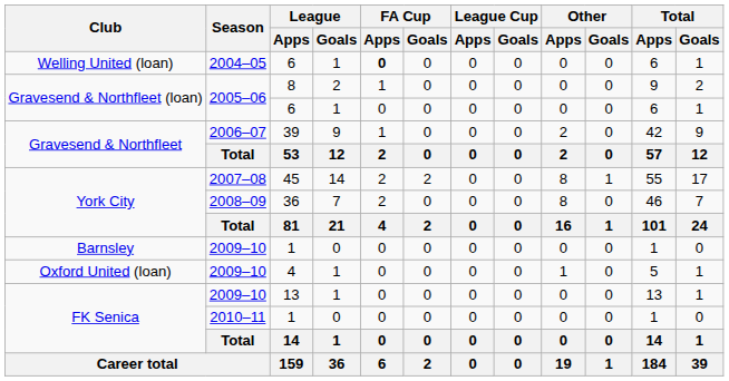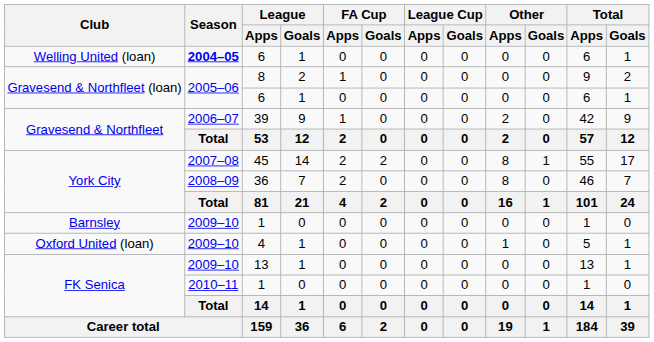 <table class="wikitable" style="text-align: center;">
 <tr>
 <th rowspan="2">Club</th>
 <th rowspan="2">Season</th>
 <th colspan="2">League</th>
 <th colspan="2">FA Cup</th>
 <th colspan="2">League Cup</th>
 <th colspan="2">Other</th>
 <th colspan="2">Total</th>
 </tr>
 <tr>
 <th>Apps</th>
 <th>Goals</th>
 <th>Apps</th>
 <th>Goals</th>
 <th>Apps</th>
 <th>Goals</th>
 <th>Apps</th>
 <th>Goals</th>
 <th>Apps</th>
 <th>Goals</th>
 </tr>
 <tr>
 <td rowspan="1" valign="center"><a href='#'>Welling United</a> (loan)</td>
-<td><a href='#'>2004–05</a></td>
+<td><strong><a href='#'>2004–05</a></strong></td>
 <td>6</td>
 <td>1</td>
-<td><strong>0</strong></td>
+<td>0</td>
 <td>0</td>
 <td>0</td>
 <td>0</td>
 <td>0</td>
 <td>0</td>
 <td>6</td>
 <td>1</td>
 </tr>
 <tr>
 <td rowspan="2" valign="center"><a href='#'>Gravesend & Northfleet</a> (loan)</td>
 <td rowspan="2"><a href='#'>2005–06</a></td>
 <td>8</td>
 <td>2</td>
 <td>1</td>
 <td>0</td>
 <td>0</td>
 <td>0</td>
 <td>0</td>
 <td>0</td>
 <td>9</td>
 <td>2</td>
 </tr>
 <tr>
 <td>6</td>
 <td>1</td>
 <td>0</td>
 <td>0</td>
 <td>0</td>
 <td>0</td>
 <td>0</td>
 <td>0</td>
 <td>6</td>
 <td>1</td>
 </tr>
 <tr>
 <td rowspan="2" valign="center"><a href='#'>Gravesend & Northfleet</a></td>
 <td><a href='#'>2006–07</a></td>
 <td>39</td>
 <td>9</td>
 <td>1</td>
 <td>0</td>
 <td>0</td>
 <td>0</td>
 <td>2</td>
 <td>0</td>
 <td>42</td>
 <td>9</td>
 </tr>
 <tr>
 <th>Total</th>
 <th>53</th>
 <th>12</th>
 <th>2</th>
 <th>0</th>
 <th>0</th>
 <th>0</th>
 <th>2</th>
 <th>0</th>
 <th>57</th>
 <th>12</th>
 </tr>
 <tr>
 <td rowspan="3" valign="center"><a href='#'>York City</a></td>
 <td><a href='#'>2007–08</a></td>
 <td>45</td>
 <td>14</td>
 <td>2</td>
 <td>2</td>
 <td>0</td>
 <td>0</td>
 <td>8</td>
 <td>1</td>
 <td>55</td>
 <td>17</td>
 </tr>
 <tr>
 <td><a href='#'>2008–09</a></td>
 <td>36</td>
 <td>7</td>
 <td>2</td>
 <td>0</td>
 <td>0</td>
 <td>0</td>
 <td>8</td>
 <td>0</td>
 <td>46</td>
 <td>7</td>
 </tr>
 <tr>
 <th>Total</th>
 <th>81</th>
 <th>21</th>
 <th>4</th>
 <th>2</th>
 <th>0</th>
 <th>0</th>
 <th>16</th>
 <th>1</th>
 <th>101</th>
 <th>24</th>
 </tr>
 <tr>
 <td rowspan="1" valign="center"><a href='#'>Barnsley</a></td>
 <td><a href='#'>2009–10</a></td>
 <td>1</td>
 <td>0</td>
 <td>0</td>
 <td>0</td>
 <td>0</td>
 <td>0</td>
 <td>0</td>
 <td>0</td>
 <td>1</td>
 <td>0</td>
 </tr>
 <tr>
 <td rowspan="1" valign="center"><a href='#'>Oxford United</a> (loan)</td>
 <td><a href='#'>2009–10</a></td>
 <td>4</td>
 <td>1</td>
 <td>0</td>
 <td>0</td>
 <td>0</td>
 <td>0</td>
 <td>1</td>
 <td>0</td>
 <td>5</td>
 <td>1</td>
 </tr>
 <tr>
 <td rowspan="3" valign="center"><a href='#'>FK Senica</a></td>
 <td><a href='#'>2009–10</a></td>
 <td>13</td>
 <td>1</td>
 <td>0</td>
 <td>0</td>
 <td>0</td>
 <td>0</td>
 <td>0</td>
 <td>0</td>
 <td>13</td>
 <td>1</td>
 </tr>
 <tr>
 <td><a href='#'>2010–11</a></td>
 <td>1</td>
 <td>0</td>
 <td>0</td>
 <td>0</td>
 <td>0</td>
 <td>0</td>
 <td>0</td>
 <td>0</td>
 <td>1</td>
 <td>0</td>
 </tr>
 <tr>
 <th>Total</th>
 <th>14</th>
 <th>1</th>
 <th>0</th>
 <th>0</th>
 <th>0</th>
 <th>0</th>
 <th>0</th>
 <th>0</th>
 <th>14</th>
 <th>1</th>
 </tr>
 <tr>
 <th colspan="2">Career total</th>
 <th>159</th>
 <th>36</th>
 <th>6</th>
 <th>2</th>
 <th>0</th>
 <th>0</th>
 <th>19</th>
 <th>1</th>
 <th>184</th>
 <th>39</th>
 </tr>
 </table>
